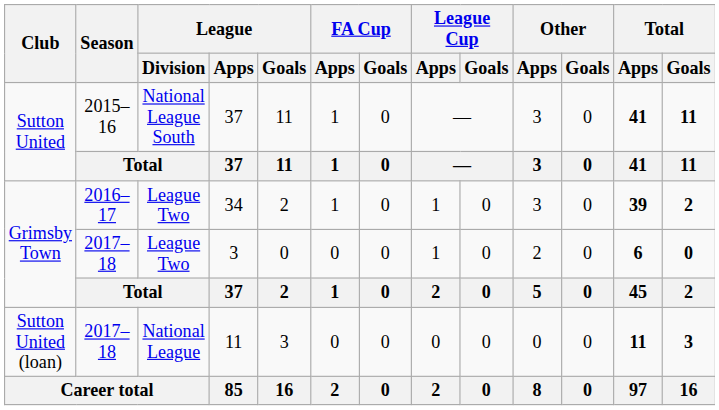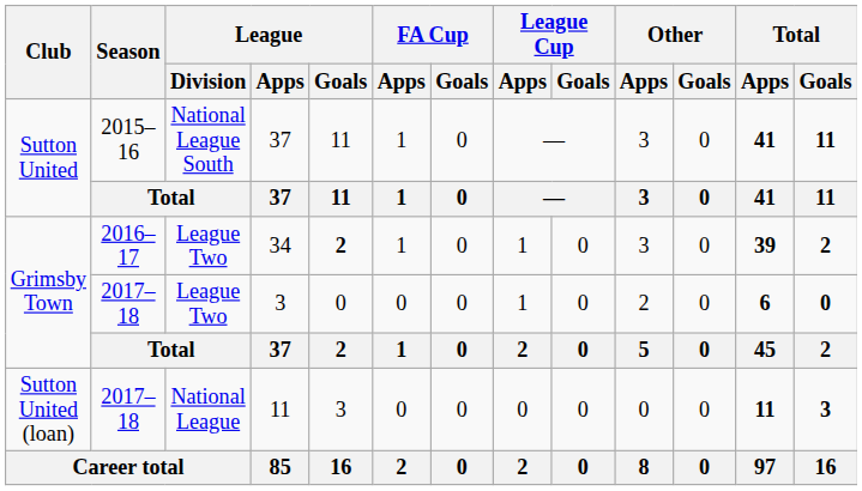 <table class="wikitable" style="text-align:center;">
 <tr>
 <th rowspan="2">Club</th>
 <th rowspan="2">Season</th>
 <th colspan="3">League</th>
 <th colspan="2"><a href='#'>FA Cup</a></th>
 <th colspan="2"><a href='#'>League Cup</a></th>
 <th colspan="2">Other</th>
 <th colspan="2">Total</th>
 </tr>
 <tr>
 <th>Division</th>
 <th>Apps</th>
 <th>Goals</th>
 <th>Apps</th>
 <th>Goals</th>
 <th>Apps</th>
 <th>Goals</th>
 <th>Apps</th>
 <th>Goals</th>
 <th>Apps</th>
 <th>Goals</th>
 </tr>
 <tr>
 <td rowspan="2"><a href='#'>Sutton United</a></td>
 <td>2015–16</td>
 <td><a href='#'>National League South</a></td>
 <td>37</td>
 <td>11</td>
 <td>1</td>
 <td>0</td>
 <td colspan="2">—</td>
 <td>3</td>
 <td>0</td>
 <td><strong>41</strong></td>
 <td><strong>11</strong></td>
 </tr>
 <tr>
 <th colspan=2>Total</th>
 <th>37</th>
 <th>11</th>
 <th>1</th>
 <th>0</th>
 <th colspan="2">—</th>
 <th>3</th>
 <th>0</th>
 <th>41</th>
 <th>11</th>
 </tr>
 <tr>
 <td rowspan="3"><a href='#'>Grimsby Town</a></td>
 <td><a href='#'>2016–17</a></td>
 <td><a href='#'>League Two</a></td>
 <td>34</td>
-<td>2</td>
+<td><strong>2</strong></td>
 <td>1</td>
 <td>0</td>
 <td>1</td>
 <td>0</td>
 <td>3</td>
 <td>0</td>
 <td><strong>39</strong></td>
 <td><strong>2</strong></td>
 </tr>
 <tr>
 <td><a href='#'>2017–18</a></td>
 <td><a href='#'>League Two</a></td>
 <td>3</td>
 <td>0</td>
 <td>0</td>
 <td>0</td>
 <td>1</td>
 <td>0</td>
 <td>2</td>
 <td>0</td>
 <td><strong>6</strong></td>
 <td><strong>0</strong></td>
 </tr>
 <tr>
 <th colspan=2>Total</th>
 <th>37</th>
 <th>2</th>
 <th>1</th>
 <th>0</th>
 <th>2</th>
 <th>0</th>
 <th>5</th>
 <th>0</th>
 <th>45</th>
 <th>2</th>
 </tr>
 <tr>
 <td><a href='#'>Sutton United</a> (loan)</td>
 <td><a href='#'>2017–18</a></td>
 <td><a href='#'>National League</a></td>
 <td>11</td>
 <td>3</td>
 <td>0</td>
 <td>0</td>
 <td>0</td>
 <td>0</td>
 <td>0</td>
 <td>0</td>
 <td><strong>11</strong></td>
 <td><strong>3</strong></td>
 </tr>
 <tr>
 <th colspan="3">Career total</th>
 <th>85</th>
 <th>16</th>
 <th>2</th>
 <th>0</th>
 <th>2</th>
 <th>0</th>
 <th>8</th>
 <th>0</th>
 <th>97</th>
 <th>16</th>
 </tr>
 </table>
